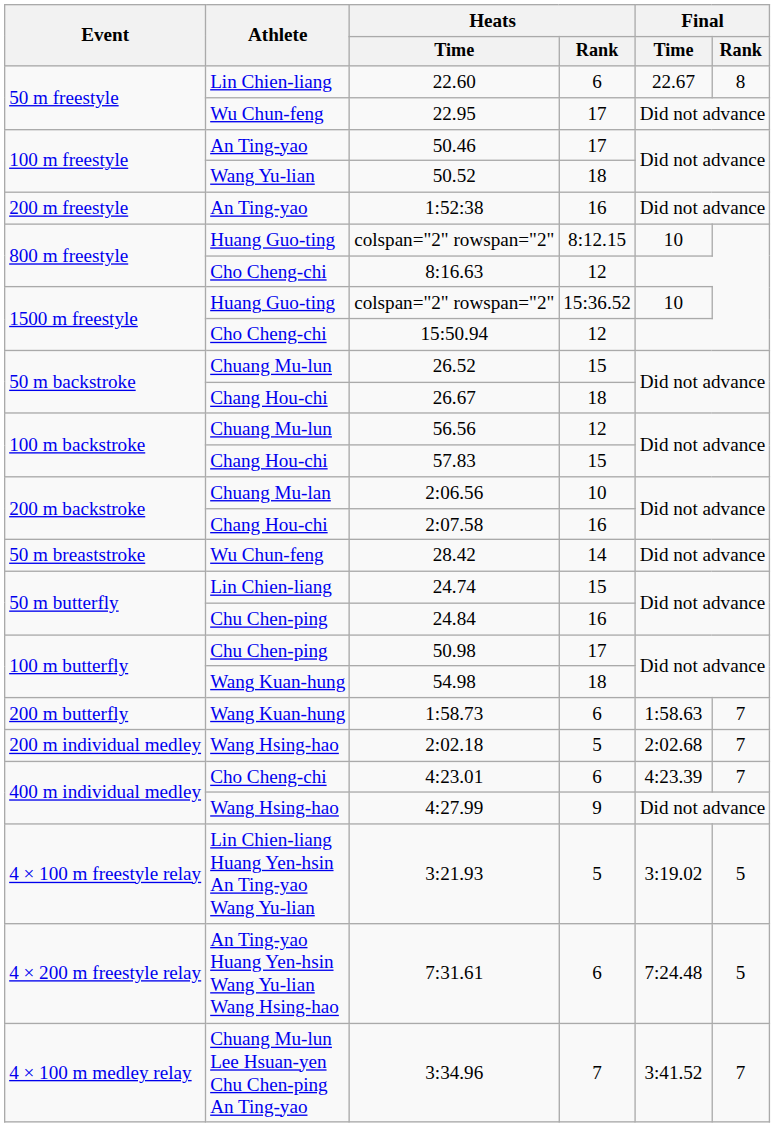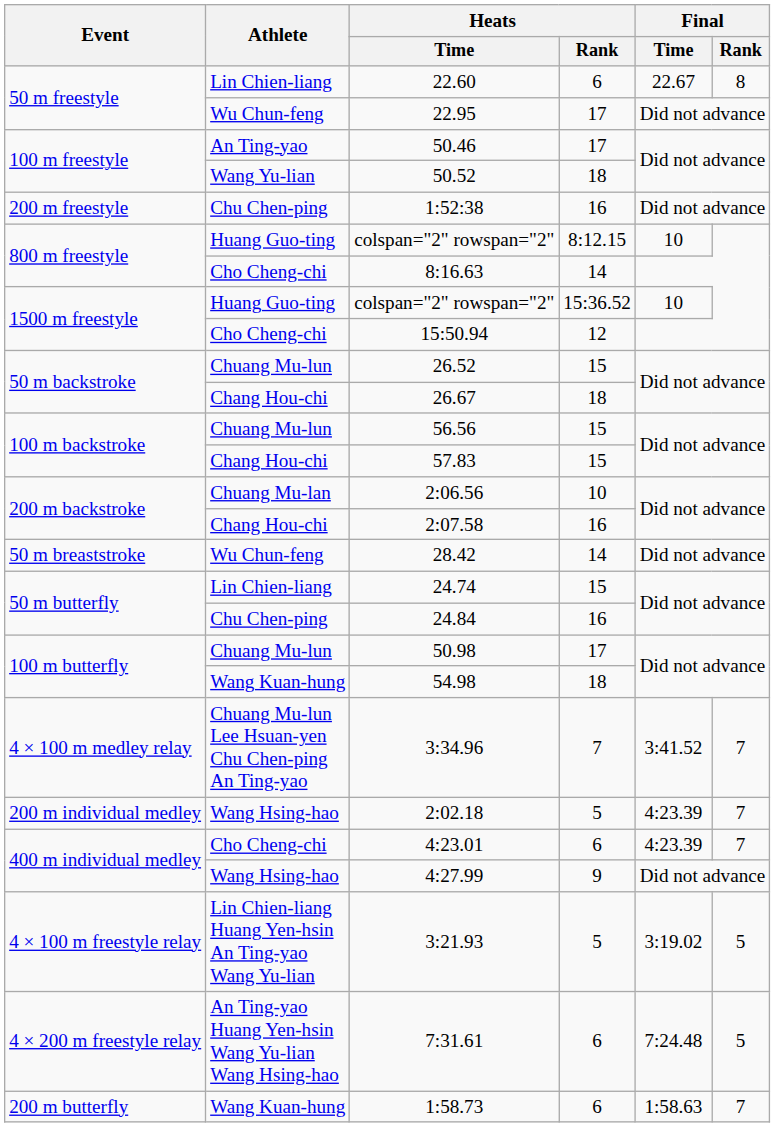 <table class=wikitable style="font-size:90%">
 <tr>
 <th rowspan="2">Event</th>
 <th rowspan="2">Athlete</th>
 <th colspan="2">Heats</th>
 <th colspan="2">Final</th>
 </tr>
 <tr style="font-size:95%">
 <th>Time</th>
 <th>Rank</th>
 <th>Time</th>
 <th>Rank</th>
 </tr>
 <tr align=center>
 <td align=left rowspan=2><a href='#'>50 m freestyle</a></td>
 <td align=left><a href='#'>Lin Chien-liang</a></td>
 <td>22.60</td>
 <td>6 <strong></strong></td>
 <td>22.67</td>
 <td>8</td>
 </tr>
 <tr align=center>
 <td align=left><a href='#'>Wu Chun-feng</a></td>
 <td>22.95</td>
 <td>17</td>
 <td colspan="2">Did not advance</td>
 </tr>
 <tr align=center>
 <td align=left rowspan=2><a href='#'>100 m freestyle</a></td>
 <td align=left><a href='#'>An Ting-yao</a></td>
 <td>50.46</td>
 <td>17</td>
 <td colspan="2" rowspan="2">Did not advance</td>
 </tr>
 <tr align=center>
 <td align=left><a href='#'>Wang Yu-lian</a></td>
 <td>50.52</td>
 <td>18</td>
 </tr>
 <tr align=center>
 <td align=left><a href='#'>200 m freestyle</a></td>
-<td align=left><a href='#'>An Ting-yao</a></td>
+<td align=left><a href='#'>Chu Chen-ping</a></td>
 <td>1:52:38</td>
 <td>16</td>
 <td colspan="2">Did not advance</td>
 </tr>
 <tr align=center>
 <td align=left rowspan="2"><a href='#'>800 m freestyle</a></td>
 <td align=left><a href='#'>Huang Guo-ting</a></td>
 <td>colspan="2" rowspan="2" </td>
 <td>8:12.15</td>
 <td>10</td>
 </tr>
 <tr align=center>
 <td align=left><a href='#'>Cho Cheng-chi</a></td>
 <td>8:16.63</td>
-<td>12</td>
+<td>14</td>
 </tr>
 <tr align=center>
 <td align=left rowspan="2"><a href='#'>1500 m freestyle</a></td>
 <td align=left><a href='#'>Huang Guo-ting</a></td>
 <td>colspan="2" rowspan="2" </td>
 <td>15:36.52</td>
 <td>10</td>
 </tr>
 <tr align=center>
 <td align=left><a href='#'>Cho Cheng-chi</a></td>
 <td>15:50.94</td>
 <td>12</td>
 </tr>
 <tr align=center>
 <td align=left rowspan=2><a href='#'>50 m backstroke</a></td>
 <td align=left><a href='#'>Chuang Mu-lun</a></td>
 <td>26.52</td>
 <td>15</td>
 <td rowspan="2" colspan="2">Did not advance</td>
 </tr>
 <tr align=center>
 <td align=left><a href='#'>Chang Hou-chi</a></td>
 <td>26.67</td>
 <td>18</td>
 </tr>
 <tr align=center>
 <td align=left rowspan=2><a href='#'>100 m backstroke</a></td>
 <td align=left><a href='#'>Chuang Mu-lun</a></td>
 <td>56.56</td>
-<td>12</td>
+<td>15</td>
 <td rowspan="2" colspan="2">Did not advance</td>
 </tr>
 <tr align=center>
 <td align=left><a href='#'>Chang Hou-chi</a></td>
 <td>57.83</td>
 <td>15</td>
 </tr>
 <tr align=center>
 <td align=left rowspan=2><a href='#'>200 m backstroke</a></td>
 <td align=left><a href='#'>Chuang Mu-lan</a></td>
 <td>2:06.56</td>
 <td>10</td>
 <td colspan="2" rowspan="2">Did not advance</td>
 </tr>
 <tr align=center>
 <td align=left><a href='#'>Chang Hou-chi</a></td>
 <td>2:07.58</td>
 <td>16</td>
 </tr>
 <tr align=center>
 <td align=left><a href='#'>50 m breaststroke</a></td>
 <td align=left><a href='#'>Wu Chun-feng</a></td>
 <td>28.42</td>
 <td>14</td>
 <td colspan="2">Did not advance</td>
 </tr>
 <tr align=center>
 <td align=left rowspan=2><a href='#'>50 m butterfly</a></td>
 <td align=left><a href='#'>Lin Chien-liang</a></td>
 <td>24.74</td>
 <td>15</td>
 <td colspan="2" rowspan="2">Did not advance</td>
 </tr>
 <tr align=center>
 <td align=left><a href='#'>Chu Chen-ping</a></td>
 <td>24.84</td>
 <td>16</td>
 </tr>
 <tr align=center>
 <td align=left rowspan=2><a href='#'>100 m butterfly</a></td>
-<td align=left><a href='#'>Chu Chen-ping</a></td>
+<td align=left><a href='#'>Chuang Mu-lun</a></td>
 <td>50.98</td>
 <td>17</td>
 <td colspan="2" rowspan="2">Did not advance</td>
 </tr>
 <tr align=center>
 <td align=left><a href='#'>Wang Kuan-hung</a></td>
 <td>54.98</td>
 <td>18</td>
 </tr>
 <tr align=center>
-<td align=left><a href='#'>200 m butterfly</a></td>
-<td align=left><a href='#'>Wang Kuan-hung</a></td>
-<td>1:58.73</td>
-<td>6 <strong></strong></td>
-<td>1:58.63</td>
+<td align=left><a href='#'>4 × 100 m medley relay</a></td>
+<td align=left><a href='#'>Chuang Mu-lun</a><br><a href='#'>Lee Hsuan-yen</a><br><a href='#'>Chu Chen-ping</a><br><a href='#'>An Ting-yao</a></td>
+<td>3:34.96</td>
+<td>7 <strong></strong></td>
+<td>3:41.52</td>
 <td>7</td>
 </tr>
 <tr align=center>
 <td align=left><a href='#'>200 m individual medley</a></td>
 <td align=left><a href='#'>Wang Hsing-hao</a></td>
 <td>2:02.18</td>
 <td>5 <strong></strong></td>
-<td>2:02.68</td>
+<td>4:23.39</td>
 <td>7</td>
 </tr>
 <tr align=center>
 <td align=left rowspan=2><a href='#'>400 m individual medley</a></td>
 <td align=left><a href='#'>Cho Cheng-chi</a></td>
 <td>4:23.01</td>
 <td>6 <strong></strong></td>
 <td>4:23.39</td>
 <td>7</td>
 </tr>
 <tr align=center>
 <td align=left><a href='#'>Wang Hsing-hao</a></td>
 <td>4:27.99</td>
 <td>9</td>
 <td colspan="2">Did not advance</td>
 </tr>
 <tr align=center>
 <td align=left><a href='#'>4 × 100 m freestyle relay</a></td>
 <td align=left><a href='#'>Lin Chien-liang</a> <br> <a href='#'>Huang Yen-hsin</a> <br> <a href='#'>An Ting-yao</a> <br> <a href='#'>Wang Yu-lian</a></td>
 <td>3:21.93</td>
 <td>5 <strong></strong></td>
 <td>3:19.02</td>
 <td>5</td>
 </tr>
 <tr align=center>
 <td align=left><a href='#'>4 × 200 m freestyle relay</a></td>
 <td align=left><a href='#'>An Ting-yao</a> <br> <a href='#'>Huang Yen-hsin</a> <br> <a href='#'>Wang Yu-lian</a> <br> <a href='#'>Wang Hsing-hao</a></td>
 <td>7:31.61</td>
 <td>6 <strong></strong></td>
 <td>7:24.48</td>
 <td>5</td>
 </tr>
 <tr align=center>
-<td align=left><a href='#'>4 × 100 m medley relay</a></td>
-<td align=left><a href='#'>Chuang Mu-lun</a><br><a href='#'>Lee Hsuan-yen</a><br><a href='#'>Chu Chen-ping</a><br><a href='#'>An Ting-yao</a></td>
-<td>3:34.96</td>
-<td>7 <strong></strong></td>
-<td>3:41.52</td>
+<td align=left><a href='#'>200 m butterfly</a></td>
+<td align=left><a href='#'>Wang Kuan-hung</a></td>
+<td>1:58.73</td>
+<td>6 <strong></strong></td>
+<td>1:58.63</td>
 <td>7</td>
 </tr>
 </table>
